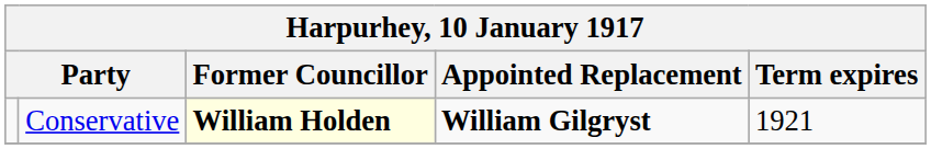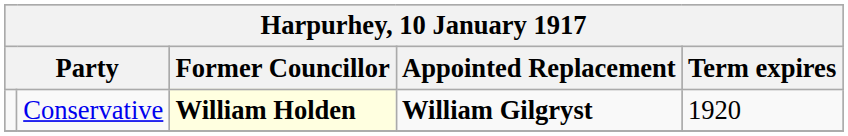 <table class="wikitable">
 <tr>
 <th colspan="5"><strong>Harpurhey, 10 January 1917</strong></th>
 </tr>
 <tr>
 <th colspan="2">Party</th>
 <th>Former Councillor</th>
 <th>Appointed Replacement</th>
 <th>Term expires</th>
 </tr>
 <tr>
 <td style="background-color:"></td>
 <td><a href='#'>Conservative</a></td>
 <td style="background: lightyellow;"><strong>William Holden</strong></td>
 <td><strong>William Gilgryst</strong></td>
-<td>1921</td>
+<td>1920</td>
 </tr>
 <tr>
 </tr>
 </table>
